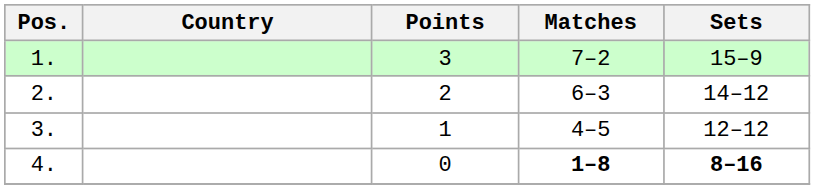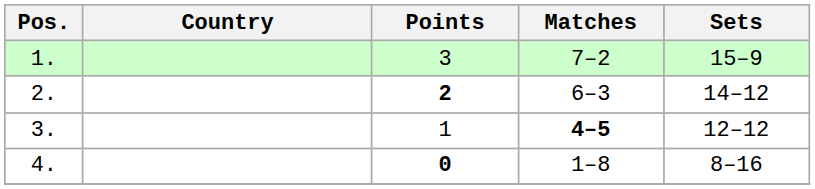 <table class="wikitable" style="text-align:center;">
 <tr>
 <th width=40>Pos.</th>
 <th width=165>Country</th>
 <th width=80>Points</th>
 <th width=80>Matches</th>
 <th width=80>Sets</th>
 </tr>
 <tr style="background:#ccffcc;">
 <td>1.</td>
 <td style="text-align:left;"></td>
 <td>3</td>
 <td>7–2</td>
 <td>15–9</td>
 </tr>
 <tr style="background:#ffffff;">
 <td>2.</td>
 <td style="text-align:left;"></td>
-<td>2</td>
+<td><strong>2</strong></td>
 <td>6–3</td>
 <td>14–12</td>
 </tr>
 <tr style="background:#ffffff;">
 <td>3.</td>
 <td style="text-align:left;"></td>
 <td>1</td>
-<td>4–5</td>
+<td><strong>4–5</strong></td>
 <td>12–12</td>
 </tr>
 <tr style="background:#ffffff;">
 <td>4.</td>
 <td style="text-align:left;"></td>
-<td>0</td>
-<td><strong>1–8</strong></td>
-<td><strong>8–16</strong></td>
+<td><strong>0</strong></td>
+<td>1–8</td>
+<td>8–16</td>
 </tr>
 <tr style="background:#ffffff;">
 </tr>
 </table>
